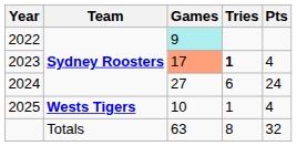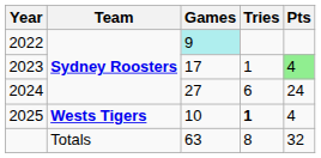 <table class="wikitable">
 <tr>
 <th>Year</th>
 <th>Team</th>
 <th>Games</th>
 <th>Tries</th>
 <th>Pts</th>
 </tr>
 <tr>
 <td>2022</td>
 <td rowspan="3"> <strong><a href='#'>Sydney Roosters</a></strong></td>
 <td style="background: paleturquoise;">9</td>
 <td></td>
 <td></td>
 </tr>
 <tr>
 <td>2023</td>
-<td style="background: lightsalmon;">17</td>
-<td><strong>1</strong></td>
-<td>4</td>
+<td>17</td>
+<td>1</td>
+<td style="background: lightgreen;">4</td>
 </tr>
 <tr>
 <td>2024</td>
 <td>27</td>
 <td>6</td>
 <td>24</td>
 </tr>
 <tr>
 <td>2025</td>
 <td> <strong><a href='#'>Wests Tigers</a></strong></td>
 <td>10</td>
-<td>1</td>
+<td><strong>1</strong></td>
 <td>4</td>
 </tr>
 <tr>
 <td></td>
 <td>Totals</td>
 <td>63</td>
 <td>8</td>
 <td>32</td>
 </tr>
 </table>
